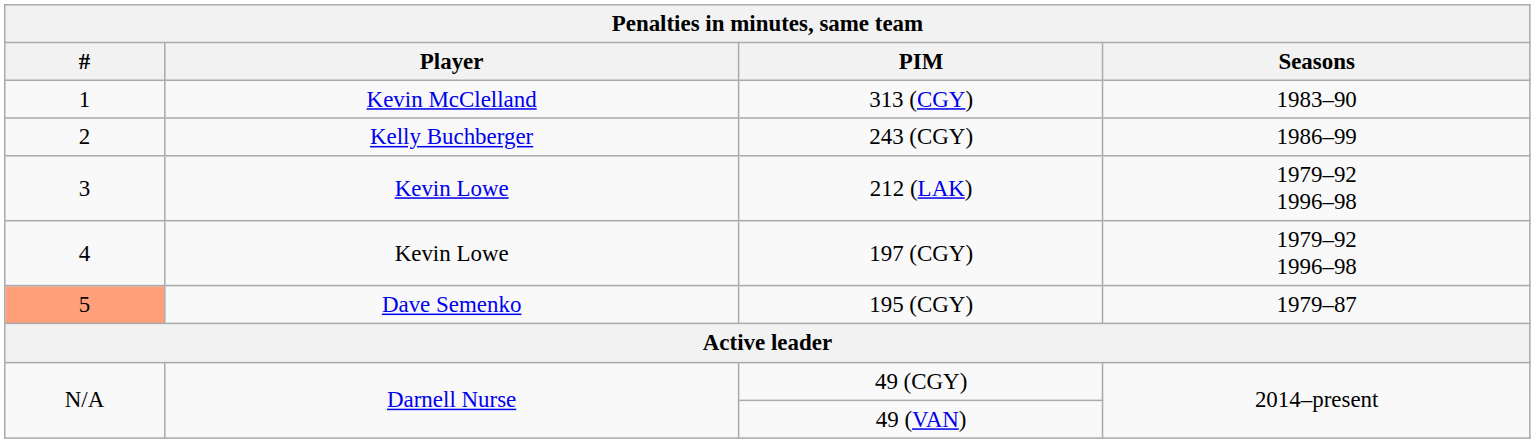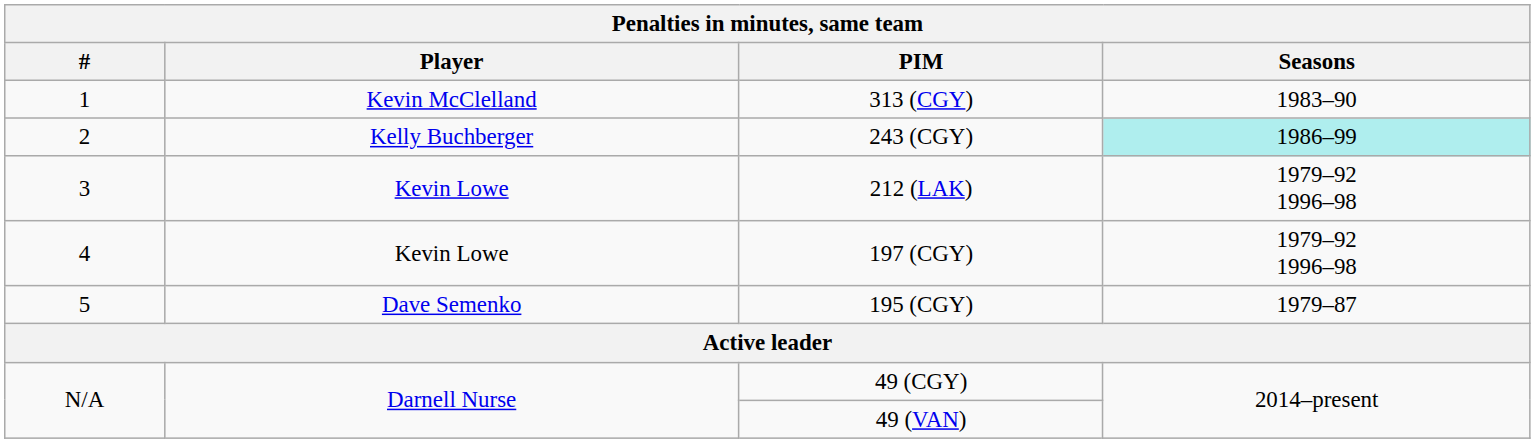 <table class="wikitable" style="text-align: center; font-size: 95%" width="80%">
 <tr>
 <th colspan="4">Penalties in minutes, same team</th>
 </tr>
 <tr>
 <th>#</th>
 <th>Player</th>
 <th>PIM</th>
 <th>Seasons</th>
 </tr>
 <tr>
 <td>1</td>
 <td><a href='#'>Kevin McClelland</a></td>
 <td>313 (<a href='#'>CGY</a>)</td>
 <td>1983–90</td>
 </tr>
 <tr>
 <td>2</td>
 <td><a href='#'>Kelly Buchberger</a></td>
 <td>243 (CGY)</td>
-<td>1986–99</td>
+<td style="background: paleturquoise;">1986–99</td>
 </tr>
 <tr>
 <td>3</td>
 <td><a href='#'>Kevin Lowe</a></td>
 <td>212 (<a href='#'>LAK</a>)</td>
 <td>1979–92<br>1996–98</td>
 </tr>
 <tr>
 <td>4</td>
 <td>Kevin Lowe</td>
 <td>197 (CGY)</td>
 <td>1979–92<br>1996–98</td>
 </tr>
 <tr>
-<td style="background: lightsalmon;">5</td>
+<td>5</td>
 <td><a href='#'>Dave Semenko</a></td>
 <td>195 (CGY)</td>
 <td>1979–87</td>
 </tr>
 <tr>
 <th colspan="4">Active leader</th>
 </tr>
 <tr>
 <td rowspan="2">N/A</td>
 <td rowspan="2"><a href='#'>Darnell Nurse</a></td>
 <td>49 (CGY)</td>
 <td rowspan="2">2014–present</td>
 </tr>
 <tr>
 <td>49 (<a href='#'>VAN</a>)</td>
 </tr>
 </table>
